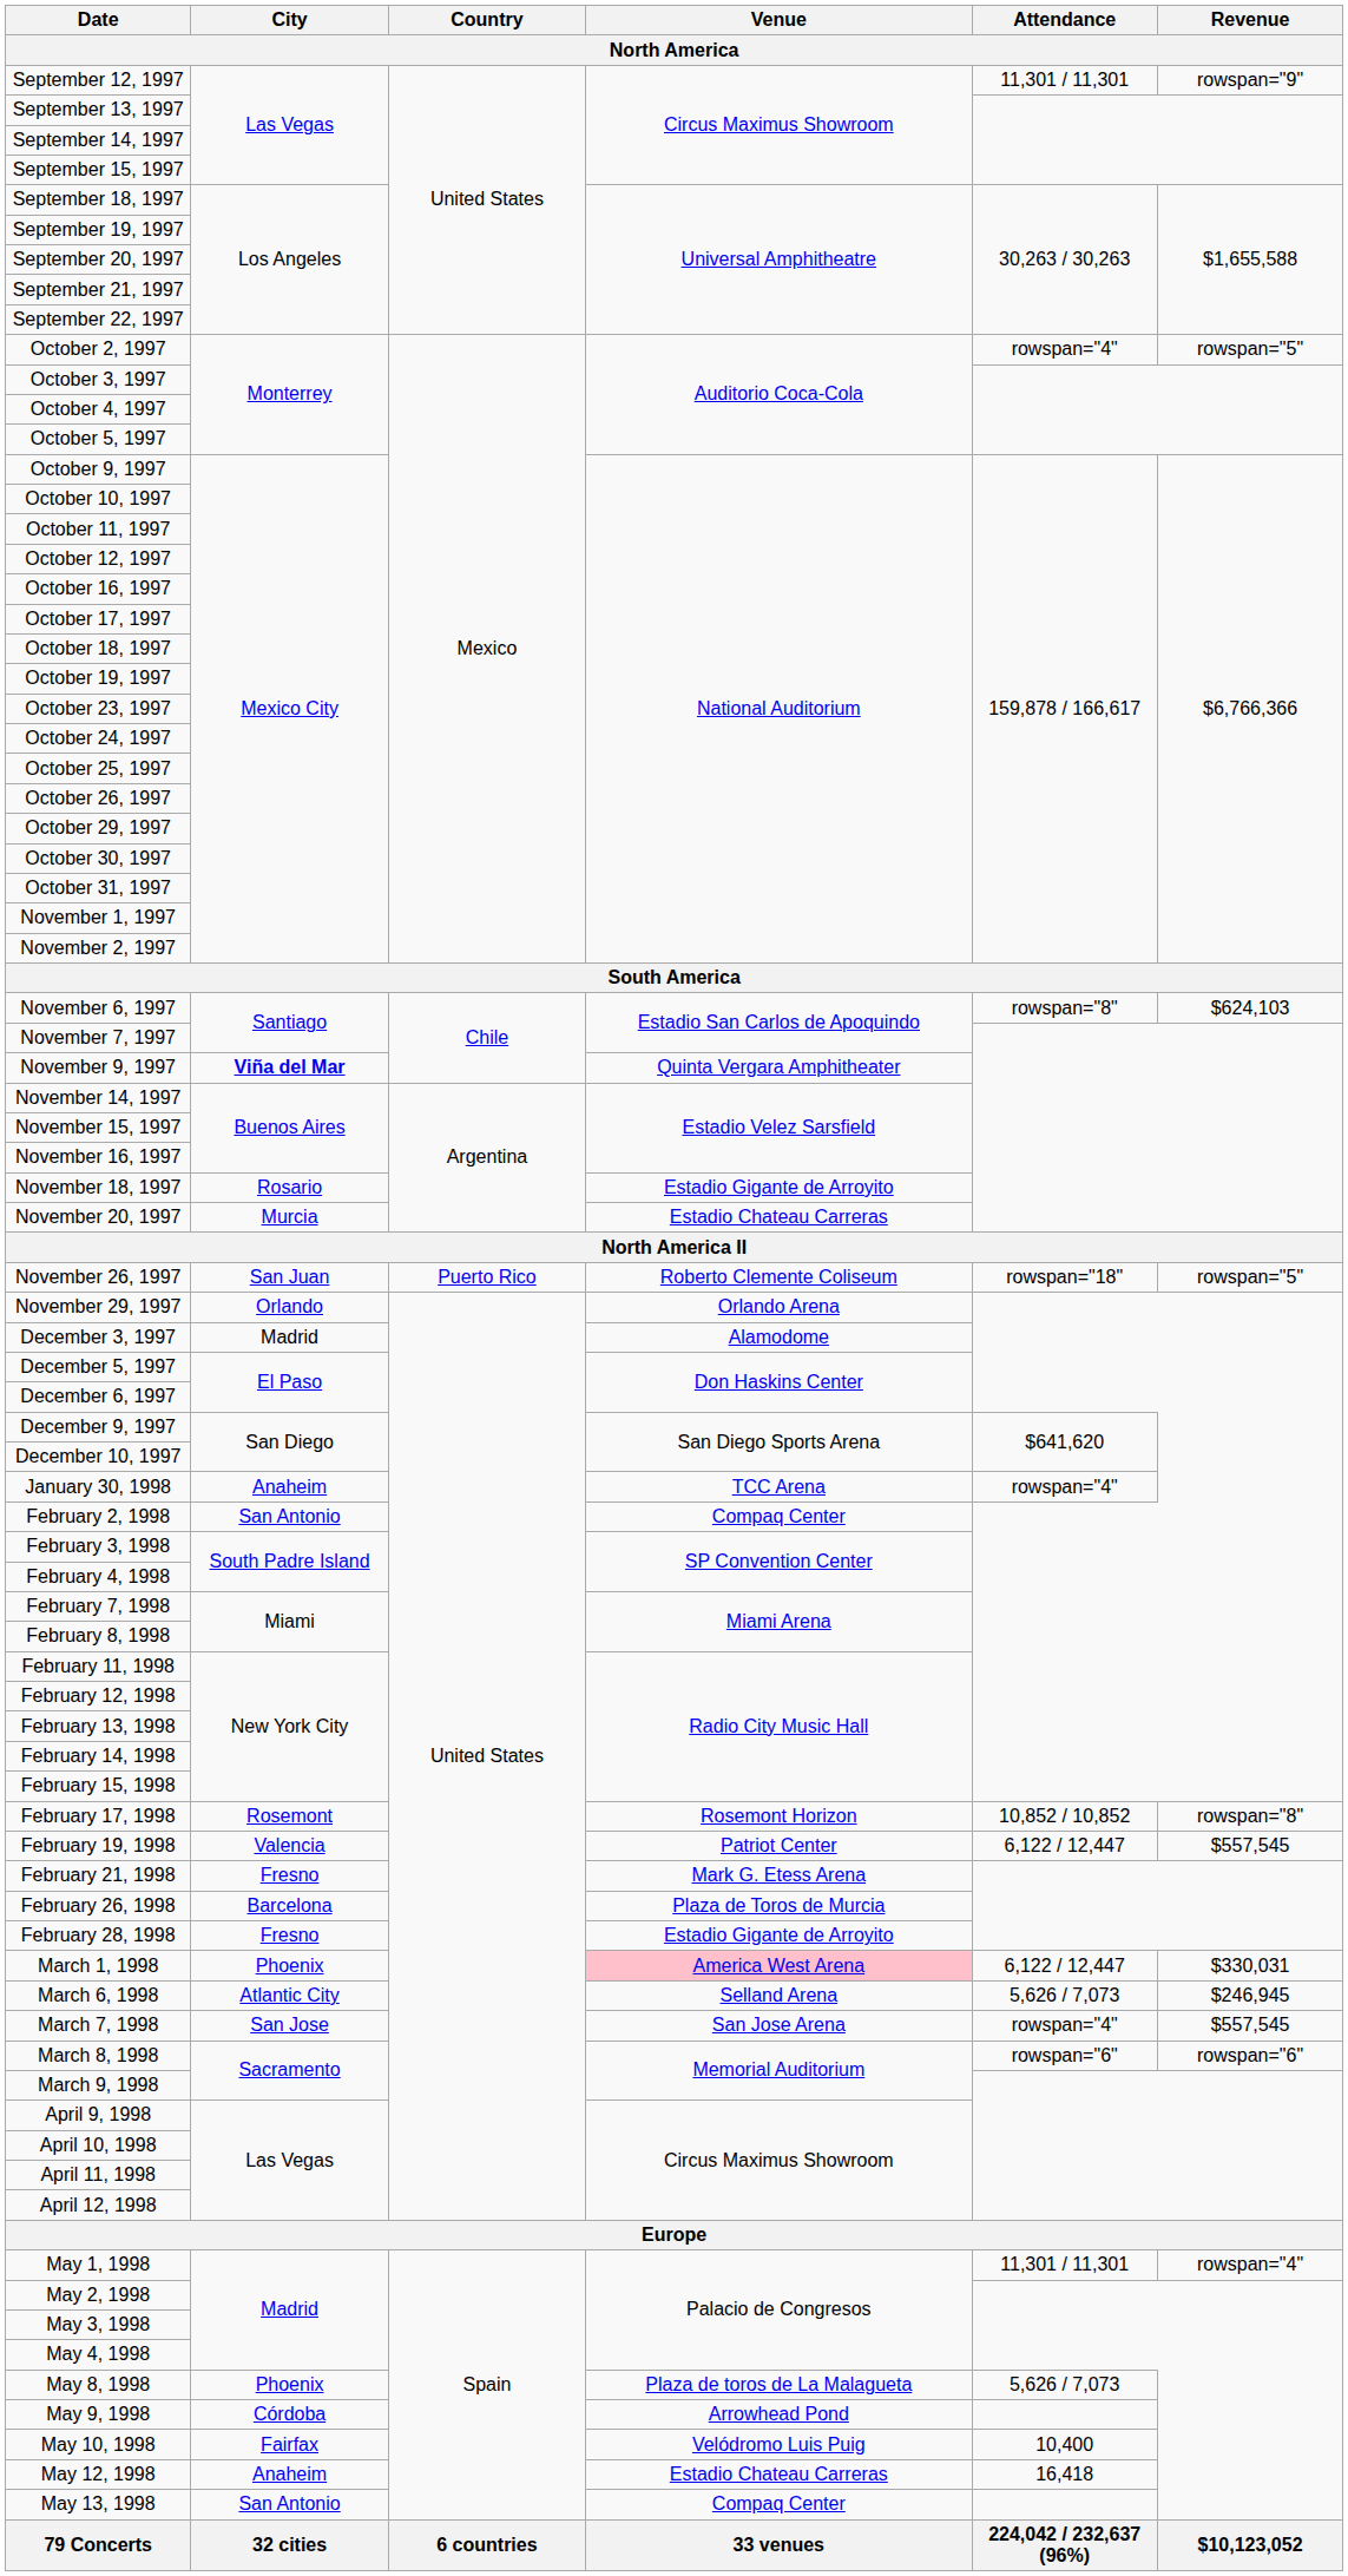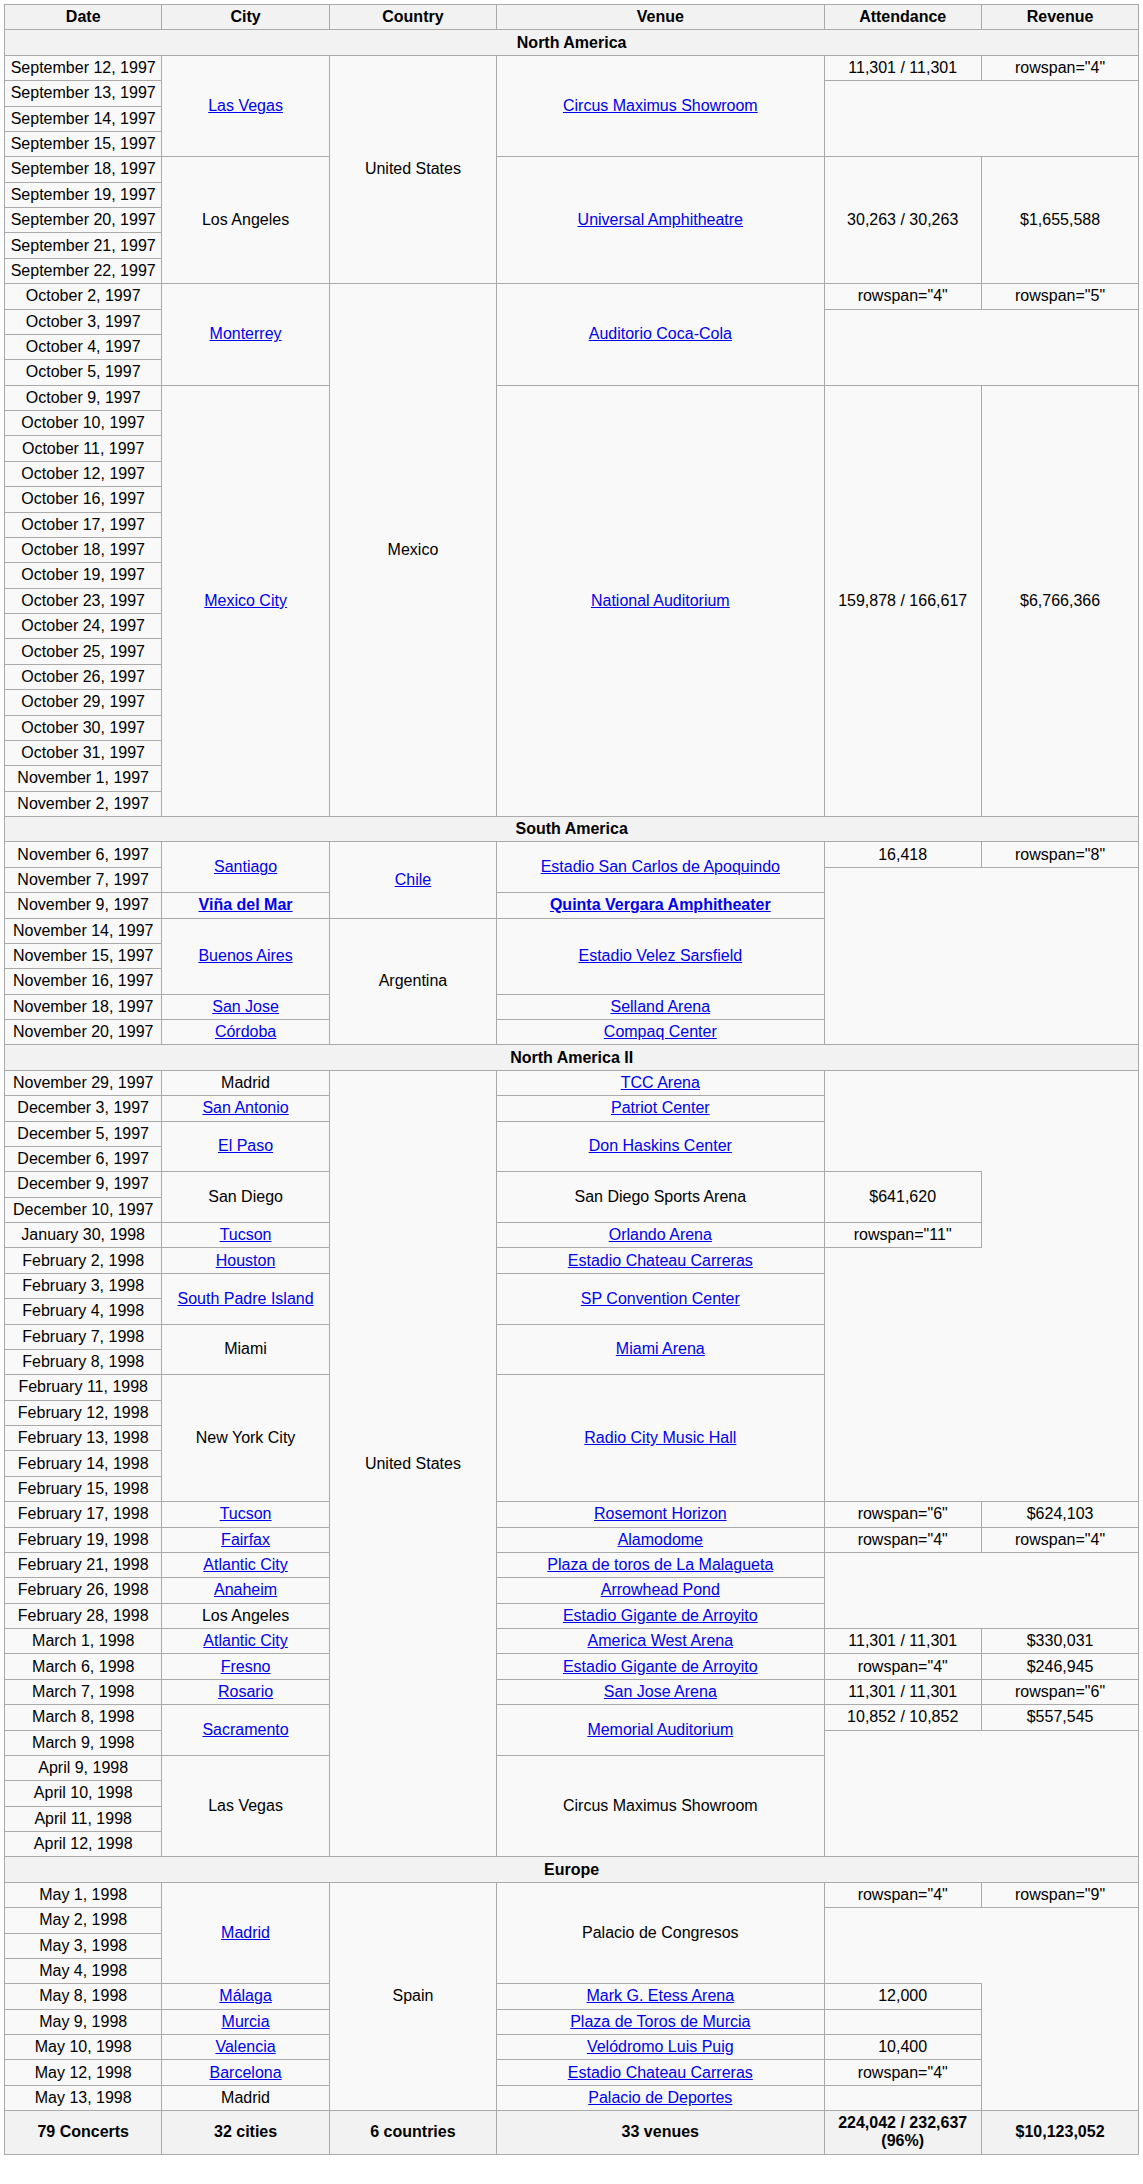 <table class="wikitable plainrowheaders" style="text-align:center;">
 <tr>
 <th width="150">Date</th>
 <th width="160">City</th>
 <th width="160">Country</th>
 <th width="320">Venue</th>
 <th width="150">Attendance</th>
 <th width="150">Revenue</th>
 </tr>
 <tr>
 <th colspan="6">North America</th>
 </tr>
 <tr>
 <td>September 12, 1997</td>
 <td rowspan="4"><a href='#'>Las Vegas</a></td>
 <td rowspan="9">United States</td>
 <td rowspan="4"><a href='#'>Circus Maximus Showroom</a></td>
 <td>11,301 / 11,301</td>
-<td>rowspan="9" </td>
+<td>rowspan="4" </td>
 </tr>
 <tr>
 <td>September 13, 1997</td>
 </tr>
 <tr>
 <td>September 14, 1997</td>
 </tr>
 <tr>
 <td>September 15, 1997</td>
 </tr>
 <tr>
 <td>September 18, 1997</td>
 <td rowspan="5">Los Angeles</td>
 <td rowspan="5"><a href='#'>Universal Amphitheatre</a></td>
 <td rowspan="5">30,263 / 30,263</td>
 <td rowspan="5">$1,655,588</td>
 </tr>
 <tr>
 <td>September 19, 1997</td>
 </tr>
 <tr>
 <td>September 20, 1997</td>
 </tr>
 <tr>
 <td>September 21, 1997</td>
 </tr>
 <tr>
 <td>September 22, 1997</td>
 </tr>
 <tr>
 <td>October 2, 1997</td>
 <td rowspan="4"><a href='#'>Monterrey</a></td>
 <td rowspan="21">Mexico</td>
 <td rowspan="4"><a href='#'>Auditorio Coca-Cola</a></td>
 <td>rowspan="4" </td>
 <td>rowspan="5" </td>
 </tr>
 <tr>
 <td>October 3, 1997</td>
 </tr>
 <tr>
 <td>October 4, 1997</td>
 </tr>
 <tr>
 <td>October 5, 1997</td>
 </tr>
 <tr>
 <td>October 9, 1997</td>
 <td rowspan="17"><a href='#'>Mexico City</a></td>
 <td rowspan="17"><a href='#'>National Auditorium</a></td>
 <td rowspan="17">159,878 / 166,617</td>
 <td rowspan="17">$6,766,366</td>
 </tr>
 <tr>
 <td>October 10, 1997</td>
 </tr>
 <tr>
 <td>October 11, 1997</td>
 </tr>
 <tr>
 <td>October 12, 1997</td>
 </tr>
 <tr>
 <td>October 16, 1997</td>
 </tr>
 <tr>
 <td>October 17, 1997</td>
 </tr>
 <tr>
 <td>October 18, 1997</td>
 </tr>
 <tr>
 <td>October 19, 1997</td>
 </tr>
 <tr>
 <td>October 23, 1997</td>
 </tr>
 <tr>
 <td>October 24, 1997</td>
 </tr>
 <tr>
 <td>October 25, 1997</td>
 </tr>
 <tr>
 <td>October 26, 1997</td>
 </tr>
 <tr>
 <td>October 29, 1997</td>
 </tr>
 <tr>
 <td>October 30, 1997</td>
 </tr>
 <tr>
 <td>October 31, 1997</td>
 </tr>
 <tr>
 <td>November 1, 1997</td>
 </tr>
 <tr>
 <td>November 2, 1997</td>
 </tr>
 <tr>
 <th colspan="6">South America</th>
 </tr>
 <tr>
 <td>November 6, 1997</td>
 <td rowspan="2"><a href='#'>Santiago</a></td>
 <td rowspan="3"><a href='#'>Chile</a></td>
 <td rowspan="2"><a href='#'>Estadio San Carlos de Apoquindo</a></td>
+<td>16,418</td>
 <td>rowspan="8" </td>
-<td>$624,103</td>
 </tr>
 <tr>
 <td>November 7, 1997</td>
 </tr>
 <tr>
 <td>November 9, 1997</td>
 <td><strong><a href='#'>Viña del Mar</a></strong></td>
-<td><a href='#'>Quinta Vergara Amphitheater</a></td>
+<td><strong><a href='#'>Quinta Vergara Amphitheater</a></strong></td>
 </tr>
 <tr>
 <td>November 14, 1997</td>
 <td rowspan="3"><a href='#'>Buenos Aires</a></td>
 <td rowspan="5">Argentina</td>
 <td rowspan="3"><a href='#'>Estadio Velez Sarsfield</a></td>
 </tr>
 <tr>
 <td>November 15, 1997</td>
 </tr>
 <tr>
 <td>November 16, 1997</td>
 </tr>
 <tr>
 <td>November 18, 1997</td>
-<td><a href='#'>Rosario</a></td>
-<td><a href='#'>Estadio Gigante de Arroyito</a></td>
+<td><a href='#'>San Jose</a></td>
+<td><a href='#'>Selland Arena</a></td>
 </tr>
 <tr>
 <td>November 20, 1997</td>
-<td><a href='#'>Murcia</a></td>
-<td><a href='#'>Estadio Chateau Carreras</a></td>
+<td><a href='#'>Córdoba</a></td>
+<td><a href='#'>Compaq Center</a></td>
 </tr>
 <tr>
 <th colspan="6">North America II</th>
 </tr>
 <tr>
-<td>November 26, 1997</td>
-<td><a href='#'>San Juan</a></td>
-<td><a href='#'>Puerto Rico</a></td>
-<td><a href='#'>Roberto Clemente Coliseum</a></td>
-<td>rowspan="18" </td>
-<td>rowspan="5" </td>
-</tr>
-<tr>
 <td>November 29, 1997</td>
-<td><a href='#'>Orlando</a></td>
+<td>Madrid</td>
 <td rowspan="31">United States</td>
-<td><a href='#'>Orlando Arena</a></td>
+<td><a href='#'>TCC Arena</a></td>
 </tr>
 <tr>
 <td>December 3, 1997</td>
-<td>Madrid</td>
-<td><a href='#'>Alamodome</a></td>
+<td><a href='#'>San Antonio</a></td>
+<td><a href='#'>Patriot Center</a></td>
 </tr>
 <tr>
 <td>December 5, 1997</td>
 <td rowspan="2"><a href='#'>El Paso</a></td>
 <td rowspan="2"><a href='#'>Don Haskins Center</a></td>
 </tr>
 <tr>
 <td>December 6, 1997</td>
 </tr>
 <tr>
 <td>December 9, 1997</td>
 <td rowspan="2">San Diego</td>
 <td rowspan="2">San Diego Sports Arena</td>
 <td rowspan="2">$641,620</td>
 </tr>
 <tr>
 <td>December 10, 1997</td>
 </tr>
 <tr>
 <td>January 30, 1998</td>
-<td><a href='#'>Anaheim</a></td>
-<td><a href='#'>TCC Arena</a></td>
-<td>rowspan="4" </td>
+<td><a href='#'>Tucson</a></td>
+<td><a href='#'>Orlando Arena</a></td>
+<td>rowspan="11" </td>
 </tr>
 <tr>
 <td>February 2, 1998</td>
-<td><a href='#'>San Antonio</a></td>
-<td><a href='#'>Compaq Center</a></td>
+<td><a href='#'>Houston</a></td>
+<td><a href='#'>Estadio Chateau Carreras</a></td>
 </tr>
 <tr>
 <td>February 3, 1998</td>
 <td rowspan="2"><a href='#'>South Padre Island</a></td>
 <td rowspan="2"><a href='#'>SP Convention Center</a></td>
 </tr>
 <tr>
 <td>February 4, 1998</td>
 </tr>
 <tr>
 <td>February 7, 1998</td>
 <td rowspan="2">Miami</td>
 <td rowspan="2"><a href='#'>Miami Arena</a></td>
 </tr>
 <tr>
 <td>February 8, 1998</td>
 </tr>
 <tr>
 <td>February 11, 1998</td>
 <td rowspan="5">New York City</td>
 <td rowspan="5"><a href='#'>Radio City Music Hall</a></td>
 </tr>
 <tr>
 <td>February 12, 1998</td>
 </tr>
 <tr>
 <td>February 13, 1998</td>
 </tr>
 <tr>
 <td>February 14, 1998</td>
 </tr>
 <tr>
 <td>February 15, 1998</td>
 </tr>
 <tr>
 <td>February 17, 1998</td>
-<td><a href='#'>Rosemont</a></td>
+<td><a href='#'>Tucson</a></td>
 <td><a href='#'>Rosemont Horizon</a></td>
-<td>10,852 / 10,852</td>
-<td>rowspan="8" </td>
+<td>rowspan="6" </td>
+<td>$624,103</td>
 </tr>
 <tr>
 <td>February 19, 1998</td>
-<td><a href='#'>Valencia</a></td>
-<td><a href='#'>Patriot Center</a></td>
-<td>6,122 / 12,447</td>
-<td>$557,545</td>
+<td><a href='#'>Fairfax</a></td>
+<td><a href='#'>Alamodome</a></td>
+<td>rowspan="4" </td>
+<td>rowspan="4" </td>
 </tr>
 <tr>
 <td>February 21, 1998</td>
-<td><a href='#'>Fresno</a></td>
-<td><a href='#'>Mark G. Etess Arena</a></td>
+<td><a href='#'>Atlantic City</a></td>
+<td><a href='#'>Plaza de toros de La Malagueta</a></td>
 </tr>
 <tr>
 <td>February 26, 1998</td>
-<td><a href='#'>Barcelona</a></td>
-<td><a href='#'>Plaza de Toros de Murcia</a></td>
+<td><a href='#'>Anaheim</a></td>
+<td><a href='#'>Arrowhead Pond</a></td>
 </tr>
 <tr>
 <td>February 28, 1998</td>
-<td><a href='#'>Fresno</a></td>
+<td>Los Angeles</td>
 <td><a href='#'>Estadio Gigante de Arroyito</a></td>
 </tr>
 <tr>
 <td>March 1, 1998</td>
-<td><a href='#'>Phoenix</a></td>
-<td style="background: pink;"><a href='#'>America West Arena</a></td>
-<td>6,122 / 12,447</td>
+<td><a href='#'>Atlantic City</a></td>
+<td><a href='#'>America West Arena</a></td>
+<td>11,301 / 11,301</td>
 <td>$330,031</td>
 </tr>
 <tr>
 <td>March 6, 1998</td>
-<td><a href='#'>Atlantic City</a></td>
-<td><a href='#'>Selland Arena</a></td>
-<td>5,626 / 7,073</td>
+<td><a href='#'>Fresno</a></td>
+<td><a href='#'>Estadio Gigante de Arroyito</a></td>
+<td>rowspan="4" </td>
 <td>$246,945</td>
 </tr>
 <tr>
 <td>March 7, 1998</td>
-<td><a href='#'>San Jose</a></td>
+<td><a href='#'>Rosario</a></td>
 <td><a href='#'>San Jose Arena</a></td>
-<td>rowspan="4" </td>
-<td>$557,545</td>
+<td>11,301 / 11,301</td>
+<td>rowspan="6" </td>
 </tr>
 <tr>
 <td>March 8, 1998</td>
 <td rowspan="2"><a href='#'>Sacramento</a></td>
 <td rowspan="2"><a href='#'>Memorial Auditorium</a></td>
-<td>rowspan="6" </td>
-<td>rowspan="6" </td>
+<td>10,852 / 10,852</td>
+<td>$557,545</td>
 </tr>
 <tr>
 <td>March 9, 1998</td>
 </tr>
 <tr>
 <td>April 9, 1998</td>
 <td rowspan="4">Las Vegas</td>
 <td rowspan="4">Circus Maximus Showroom</td>
 </tr>
 <tr>
 <td>April 10, 1998</td>
 </tr>
 <tr>
 <td>April 11, 1998</td>
 </tr>
 <tr>
 <td>April 12, 1998</td>
 </tr>
 <tr>
 <th colspan="6">Europe</th>
 </tr>
 <tr>
 <td>May 1, 1998</td>
 <td rowspan="4"><a href='#'>Madrid</a></td>
 <td rowspan="9">Spain</td>
 <td rowspan="4">Palacio de Congresos</td>
-<td>11,301 / 11,301</td>
 <td>rowspan="4" </td>
+<td>rowspan="9" </td>
 </tr>
 <tr>
 <td>May 2, 1998</td>
 </tr>
 <tr>
 <td>May 3, 1998</td>
 </tr>
 <tr>
 <td>May 4, 1998</td>
 </tr>
 <tr>
 <td>May 8, 1998</td>
-<td><a href='#'>Phoenix</a></td>
-<td><a href='#'>Plaza de toros de La Malagueta</a></td>
-<td>5,626 / 7,073</td>
+<td><a href='#'>Málaga</a></td>
+<td><a href='#'>Mark G. Etess Arena</a></td>
+<td>12,000</td>
 </tr>
 <tr>
 <td>May 9, 1998</td>
-<td><a href='#'>Córdoba</a></td>
-<td><a href='#'>Arrowhead Pond</a></td>
+<td><a href='#'>Murcia</a></td>
+<td><a href='#'>Plaza de Toros de Murcia</a></td>
 <td></td>
 </tr>
 <tr>
 <td>May 10, 1998</td>
-<td><a href='#'>Fairfax</a></td>
+<td><a href='#'>Valencia</a></td>
 <td><a href='#'>Velódromo Luis Puig</a></td>
 <td>10,400</td>
 </tr>
 <tr>
 <td>May 12, 1998</td>
-<td><a href='#'>Anaheim</a></td>
+<td><a href='#'>Barcelona</a></td>
 <td><a href='#'>Estadio Chateau Carreras</a></td>
-<td>16,418</td>
+<td>rowspan="4" </td>
 </tr>
 <tr>
 <td>May 13, 1998</td>
-<td><a href='#'>San Antonio</a></td>
-<td><a href='#'>Compaq Center</a></td>
+<td>Madrid</td>
+<td><a href='#'>Palacio de Deportes</a></td>
 <td></td>
 </tr>
 <tr>
 <th>79 Concerts</th>
 <th>32 cities</th>
 <th>6 countries</th>
 <th>33 venues</th>
 <th>224,042 / 232,637 (96%)</th>
 <th>$10,123,052</th>
 </tr>
 </table>
